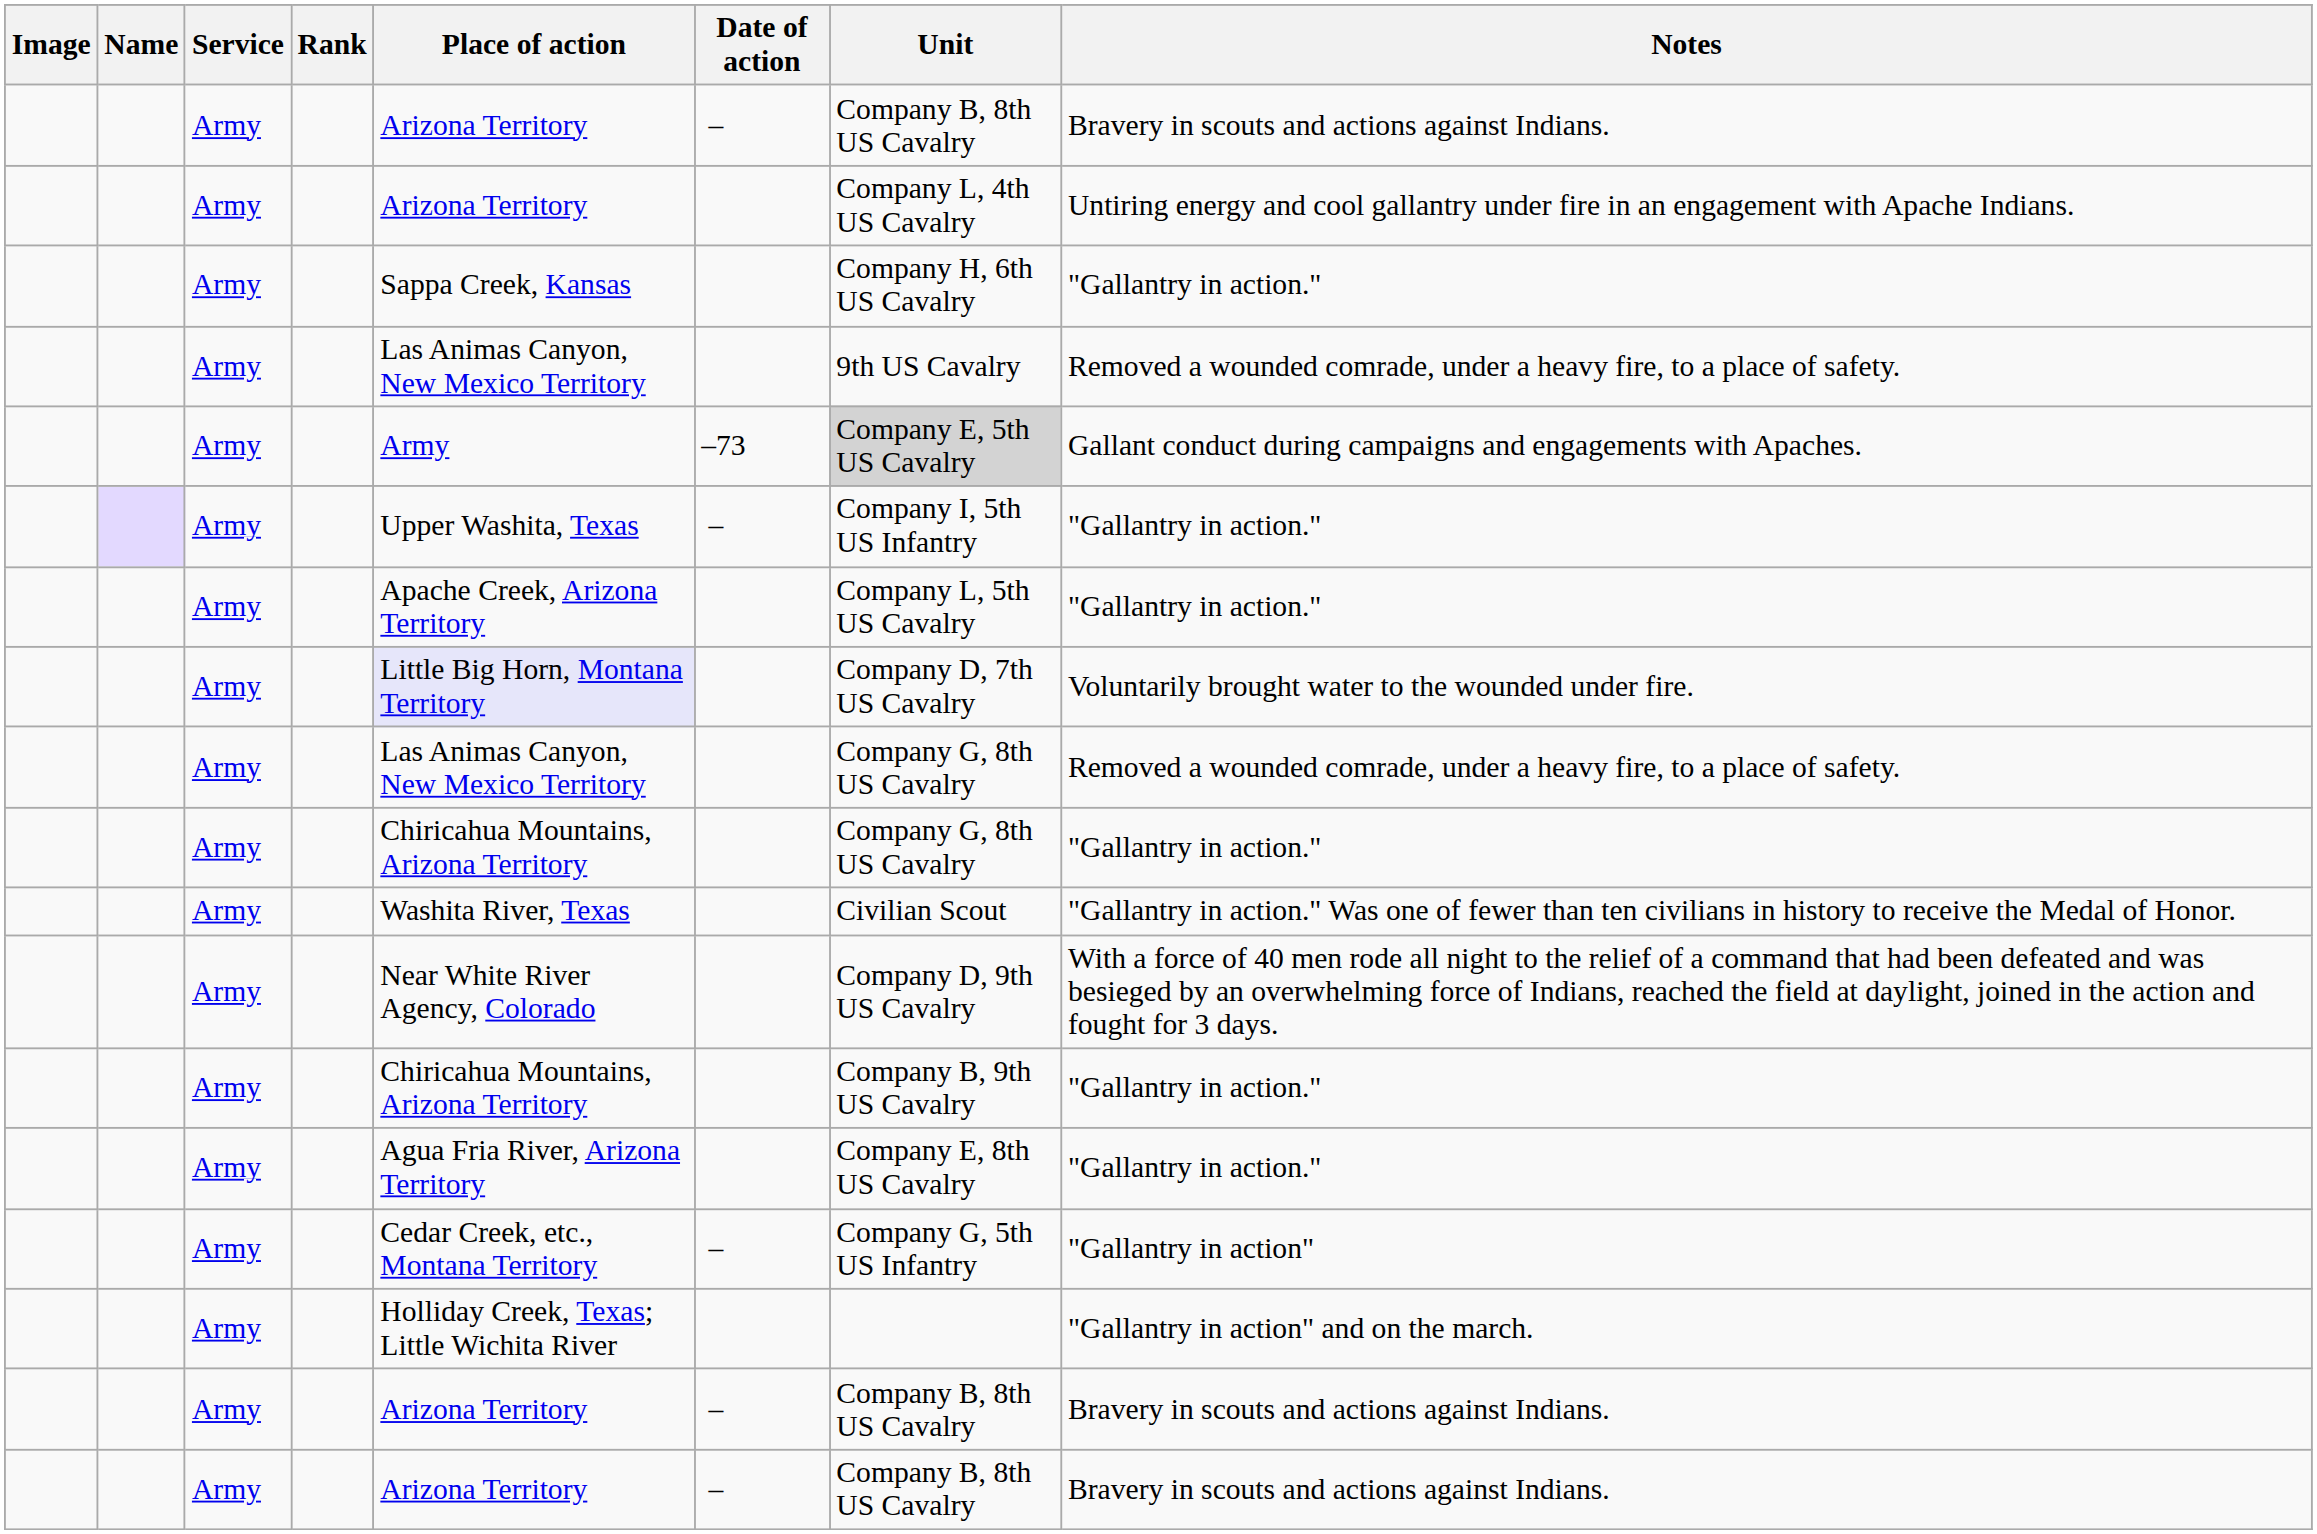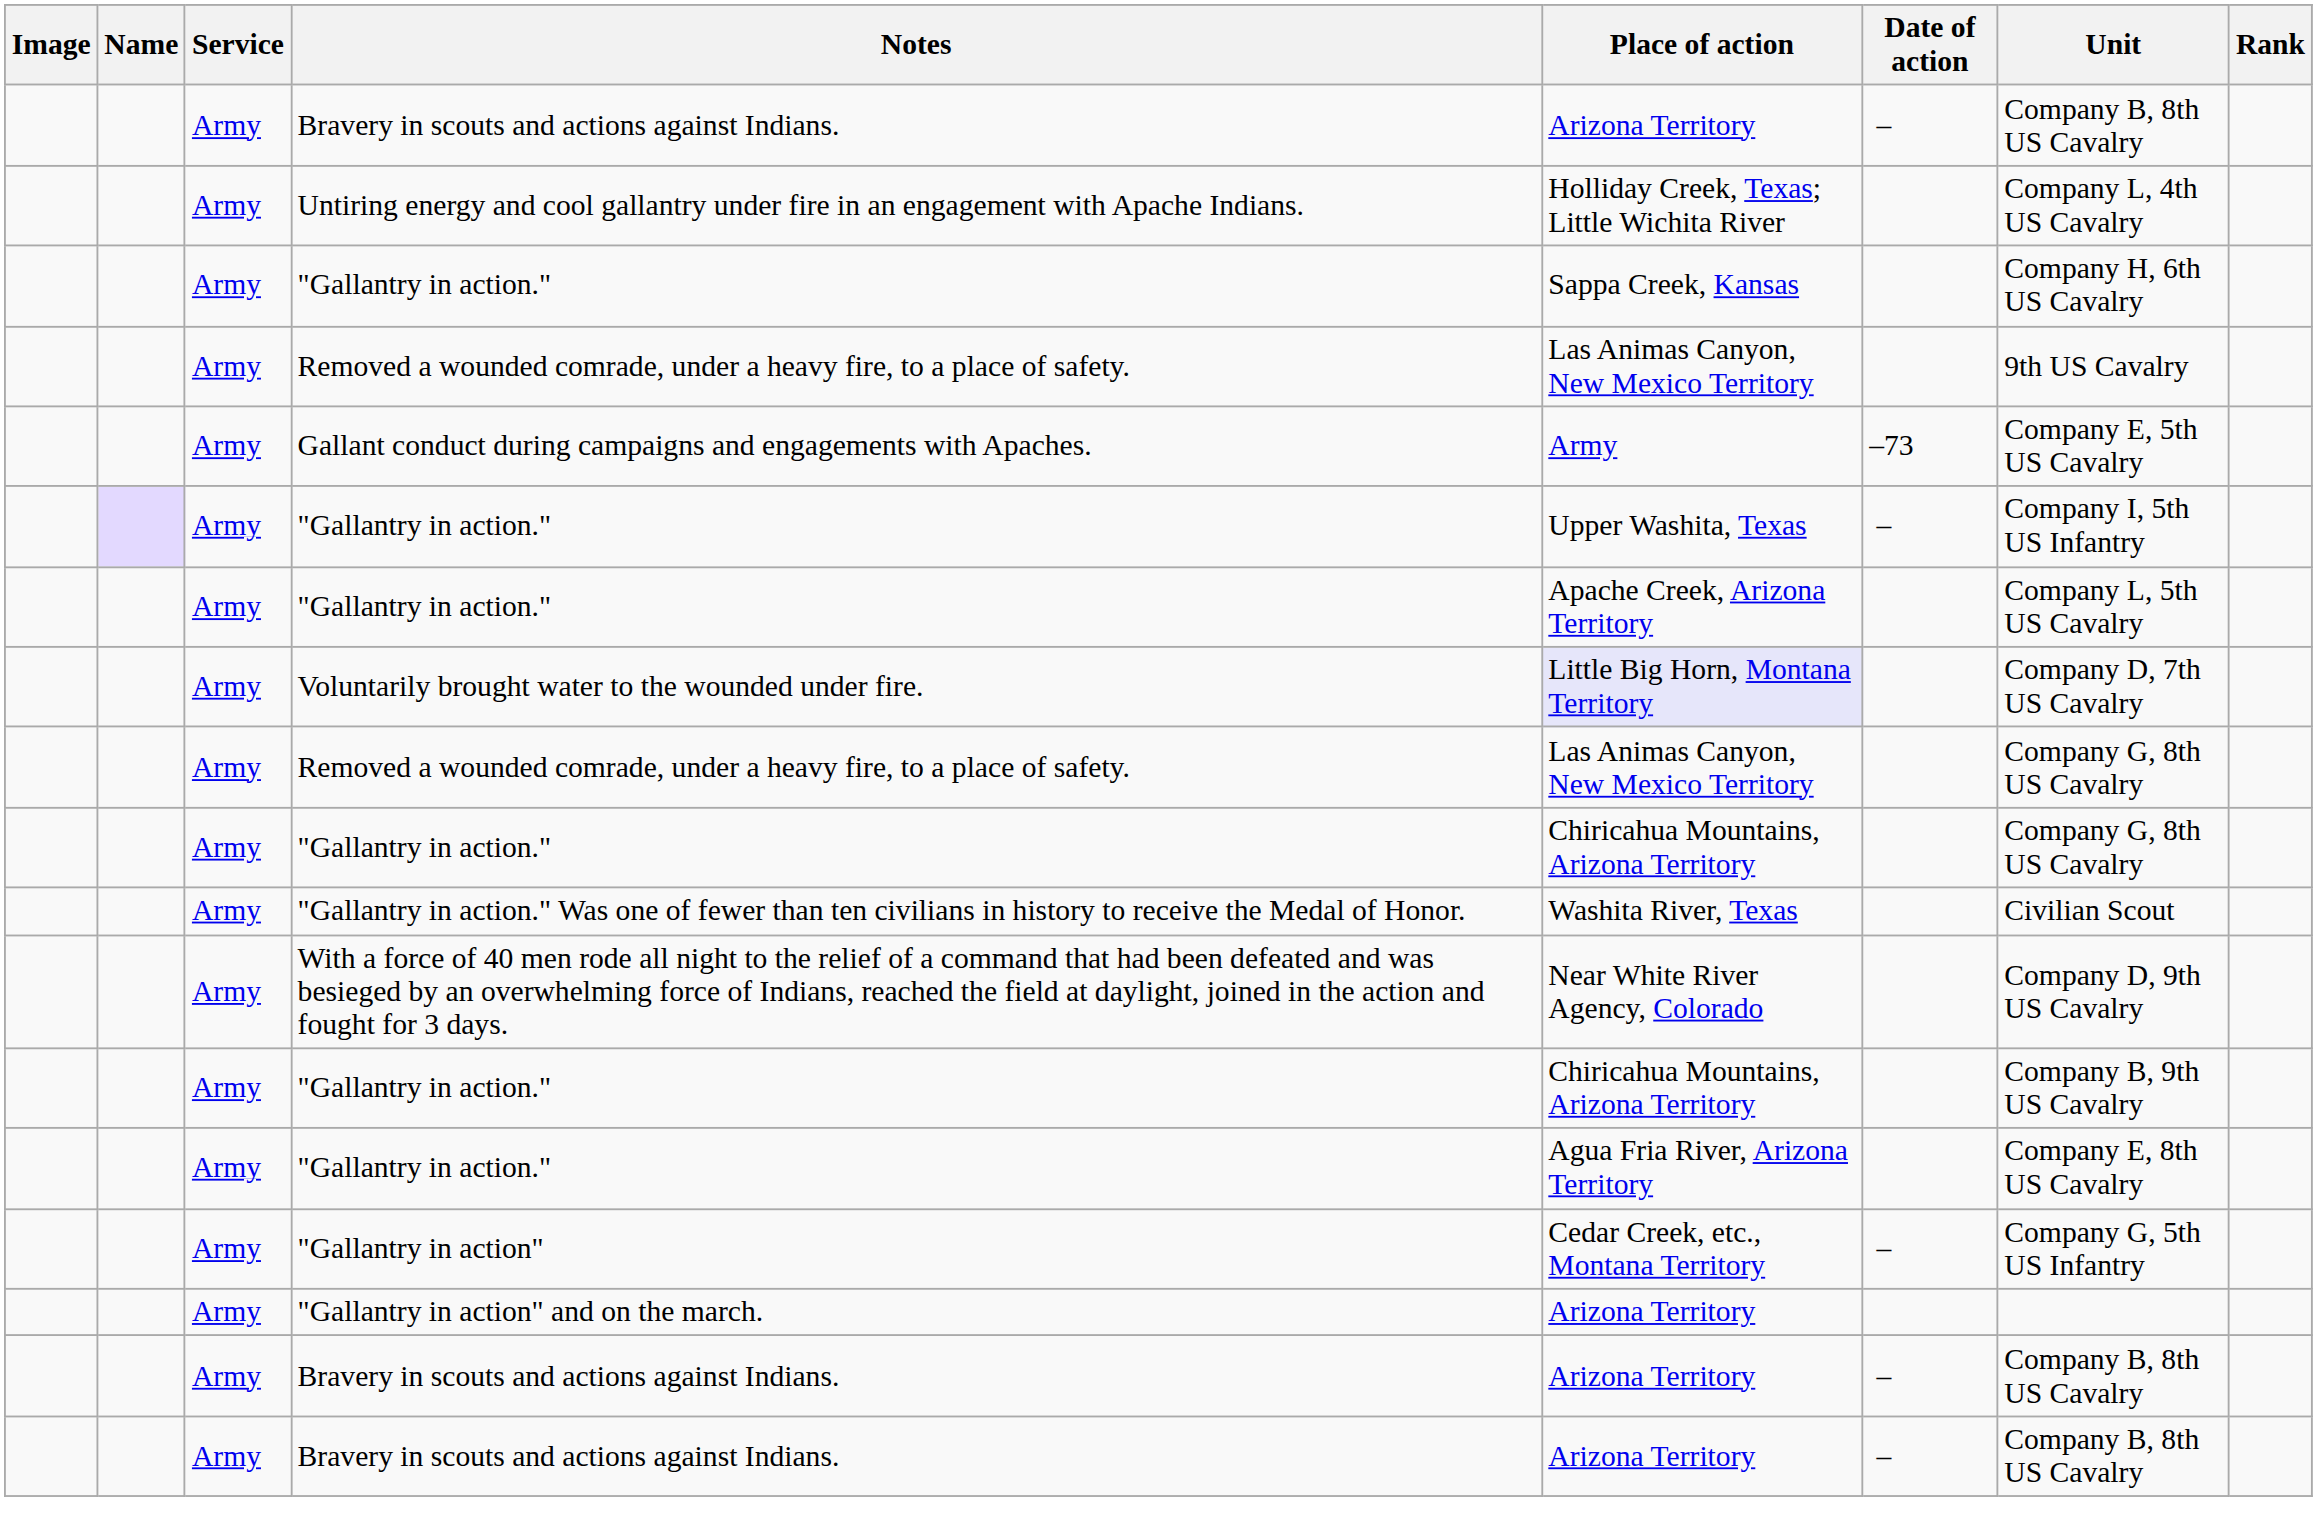 <table class="wikitable sortable">
 <tr>
 <th class="unsortable">Image</th>
 <th>Name</th>
 <th>Service</th>
-<th>Rank</th>
+<th class="unsortable">Notes</th>
 <th>Place of action</th>
 <th>Date of action</th>
 <th>Unit</th>
-<th class="unsortable">Notes</th>
+<th>Rank</th>
 </tr>
 <tr>
 <td></td>
 <td></td>
 <td><a href='#'>Army</a></td>
-<td></td>
+<td>Bravery in scouts and actions against Indians.</td>
 <td><a href='#'>Arizona Territory</a></td>
 <td> – </td>
 <td>Company B, 8th US Cavalry</td>
-<td>Bravery in scouts and actions against Indians.</td>
+<td></td>
 </tr>
 <tr>
 <td></td>
 <td></td>
 <td><a href='#'>Army</a></td>
-<td></td>
-<td><a href='#'>Arizona Territory</a></td>
+<td>Untiring energy and cool gallantry under fire in an engagement with Apache Indians.</td>
+<td>Holliday Creek, <a href='#'>Texas</a>; Little Wichita River</td>
 <td></td>
 <td>Company L, 4th US Cavalry</td>
-<td>Untiring energy and cool gallantry under fire in an engagement with Apache Indians.</td>
+<td></td>
 </tr>
 <tr>
 <td></td>
 <td></td>
 <td><a href='#'>Army</a></td>
-<td></td>
+<td>"Gallantry in action."</td>
 <td>Sappa Creek, <a href='#'>Kansas</a></td>
 <td></td>
 <td>Company H, 6th US Cavalry</td>
-<td>"Gallantry in action."</td>
+<td></td>
 </tr>
 <tr>
 <td></td>
 <td></td>
 <td><a href='#'>Army</a></td>
-<td></td>
+<td>Removed a wounded comrade, under a heavy fire, to a place of safety.</td>
 <td>Las Animas Canyon, <a href='#'>New Mexico Territory</a></td>
 <td></td>
 <td>9th US Cavalry</td>
-<td>Removed a wounded comrade, under a heavy fire, to a place of safety.</td>
+<td></td>
 </tr>
 <tr>
 <td></td>
 <td></td>
 <td><a href='#'>Army</a></td>
-<td></td>
+<td>Gallant conduct during campaigns and engagements with Apaches.</td>
 <td><a href='#'>Army</a></td>
 <td>–73</td>
-<td style="background: lightgrey;">Company E, 5th US Cavalry</td>
-<td>Gallant conduct during campaigns and engagements with Apaches.</td>
+<td>Company E, 5th US Cavalry</td>
+<td></td>
 </tr>
 <tr>
 <td></td>
 <td style="background:#e3d9ff;"></td>
 <td><a href='#'>Army</a></td>
-<td></td>
+<td>"Gallantry in action."</td>
 <td>Upper Washita, <a href='#'>Texas</a></td>
 <td> – </td>
 <td>Company I, 5th US Infantry</td>
-<td>"Gallantry in action."</td>
+<td></td>
 </tr>
 <tr>
 <td></td>
 <td></td>
 <td><a href='#'>Army</a></td>
-<td></td>
+<td>"Gallantry in action."</td>
 <td>Apache Creek, <a href='#'>Arizona Territory</a></td>
 <td></td>
 <td>Company L, 5th US Cavalry</td>
-<td>"Gallantry in action."</td>
+<td></td>
 </tr>
 <tr>
 <td></td>
 <td></td>
 <td><a href='#'>Army</a></td>
-<td></td>
+<td>Voluntarily brought water to the wounded under fire.</td>
 <td style="background: lavender;">Little Big Horn, <a href='#'>Montana Territory</a></td>
 <td></td>
 <td>Company D, 7th US Cavalry</td>
-<td>Voluntarily brought water to the wounded under fire.</td>
+<td></td>
 </tr>
 <tr>
 <td></td>
 <td></td>
 <td><a href='#'>Army</a></td>
-<td></td>
+<td>Removed a wounded comrade, under a heavy fire, to a place of safety.</td>
 <td>Las Animas Canyon, <a href='#'>New Mexico Territory</a></td>
 <td></td>
 <td>Company G, 8th US Cavalry</td>
-<td>Removed a wounded comrade, under a heavy fire, to a place of safety.</td>
+<td></td>
 </tr>
 <tr>
 <td></td>
 <td></td>
 <td><a href='#'>Army</a></td>
-<td></td>
+<td>"Gallantry in action."</td>
 <td>Chiricahua Mountains, <a href='#'>Arizona Territory</a></td>
 <td></td>
 <td>Company G, 8th US Cavalry</td>
-<td>"Gallantry in action."</td>
+<td></td>
 </tr>
 <tr>
 <td></td>
 <td></td>
 <td><a href='#'>Army</a></td>
-<td></td>
+<td>"Gallantry in action." Was one of fewer than ten civilians in history to receive the Medal of Honor.</td>
 <td>Washita River, <a href='#'>Texas</a></td>
 <td></td>
 <td>Civilian Scout</td>
-<td>"Gallantry in action." Was one of fewer than ten civilians in history to receive the Medal of Honor.</td>
+<td></td>
 </tr>
 <tr>
 <td></td>
 <td></td>
 <td><a href='#'>Army</a></td>
-<td></td>
+<td>With a force of 40 men rode all night to the relief of a command that had been defeated and was besieged by an overwhelming force of Indians, reached the field at daylight, joined in the action and fought for 3 days.</td>
 <td>Near White River Agency, <a href='#'>Colorado</a></td>
 <td></td>
 <td>Company D, 9th US Cavalry</td>
-<td>With a force of 40 men rode all night to the relief of a command that had been defeated and was besieged by an overwhelming force of Indians, reached the field at daylight, joined in the action and fought for 3 days.</td>
+<td></td>
 </tr>
 <tr>
 <td></td>
 <td></td>
 <td><a href='#'>Army</a></td>
-<td></td>
+<td>"Gallantry in action."</td>
 <td>Chiricahua Mountains, <a href='#'>Arizona Territory</a></td>
 <td></td>
 <td>Company B, 9th US Cavalry</td>
-<td>"Gallantry in action."</td>
+<td></td>
 </tr>
 <tr>
 <td></td>
 <td></td>
 <td><a href='#'>Army</a></td>
-<td></td>
+<td>"Gallantry in action."</td>
 <td>Agua Fria River, <a href='#'>Arizona Territory</a></td>
 <td></td>
 <td>Company E, 8th US Cavalry</td>
-<td>"Gallantry in action."</td>
+<td></td>
 </tr>
 <tr>
 <td></td>
 <td></td>
 <td><a href='#'>Army</a></td>
-<td></td>
+<td>"Gallantry in action"</td>
 <td>Cedar Creek, etc., <a href='#'>Montana Territory</a></td>
 <td> – </td>
 <td>Company G, 5th US Infantry</td>
-<td>"Gallantry in action"</td>
+<td></td>
 </tr>
 <tr>
 <td></td>
 <td></td>
 <td><a href='#'>Army</a></td>
-<td></td>
-<td>Holliday Creek, <a href='#'>Texas</a>; Little Wichita River</td>
+<td>"Gallantry in action" and on the march.</td>
+<td><a href='#'>Arizona Territory</a></td>
 <td></td>
 <td></td>
-<td>"Gallantry in action" and on the march.</td>
+<td></td>
 </tr>
 <tr>
 <td></td>
 <td></td>
 <td><a href='#'>Army</a></td>
-<td></td>
+<td>Bravery in scouts and actions against Indians.</td>
 <td><a href='#'>Arizona Territory</a></td>
 <td> – </td>
 <td>Company B, 8th US Cavalry</td>
-<td>Bravery in scouts and actions against Indians.</td>
+<td></td>
 </tr>
 <tr>
 <td></td>
 <td></td>
 <td><a href='#'>Army</a></td>
-<td></td>
+<td>Bravery in scouts and actions against Indians.</td>
 <td><a href='#'>Arizona Territory</a></td>
 <td> – </td>
 <td>Company B, 8th US Cavalry</td>
-<td>Bravery in scouts and actions against Indians.</td>
+<td></td>
 </tr>
 </table>
